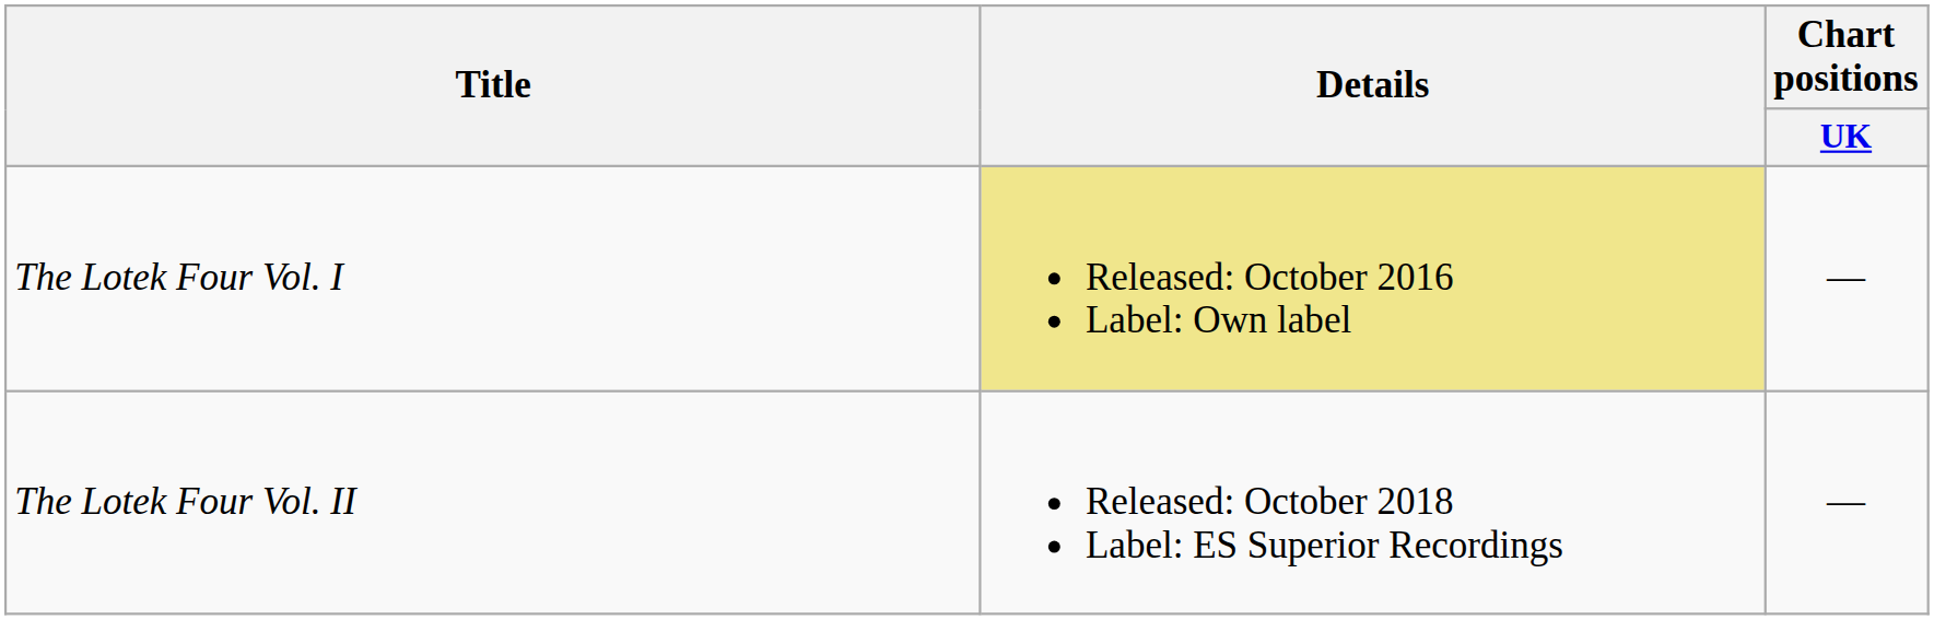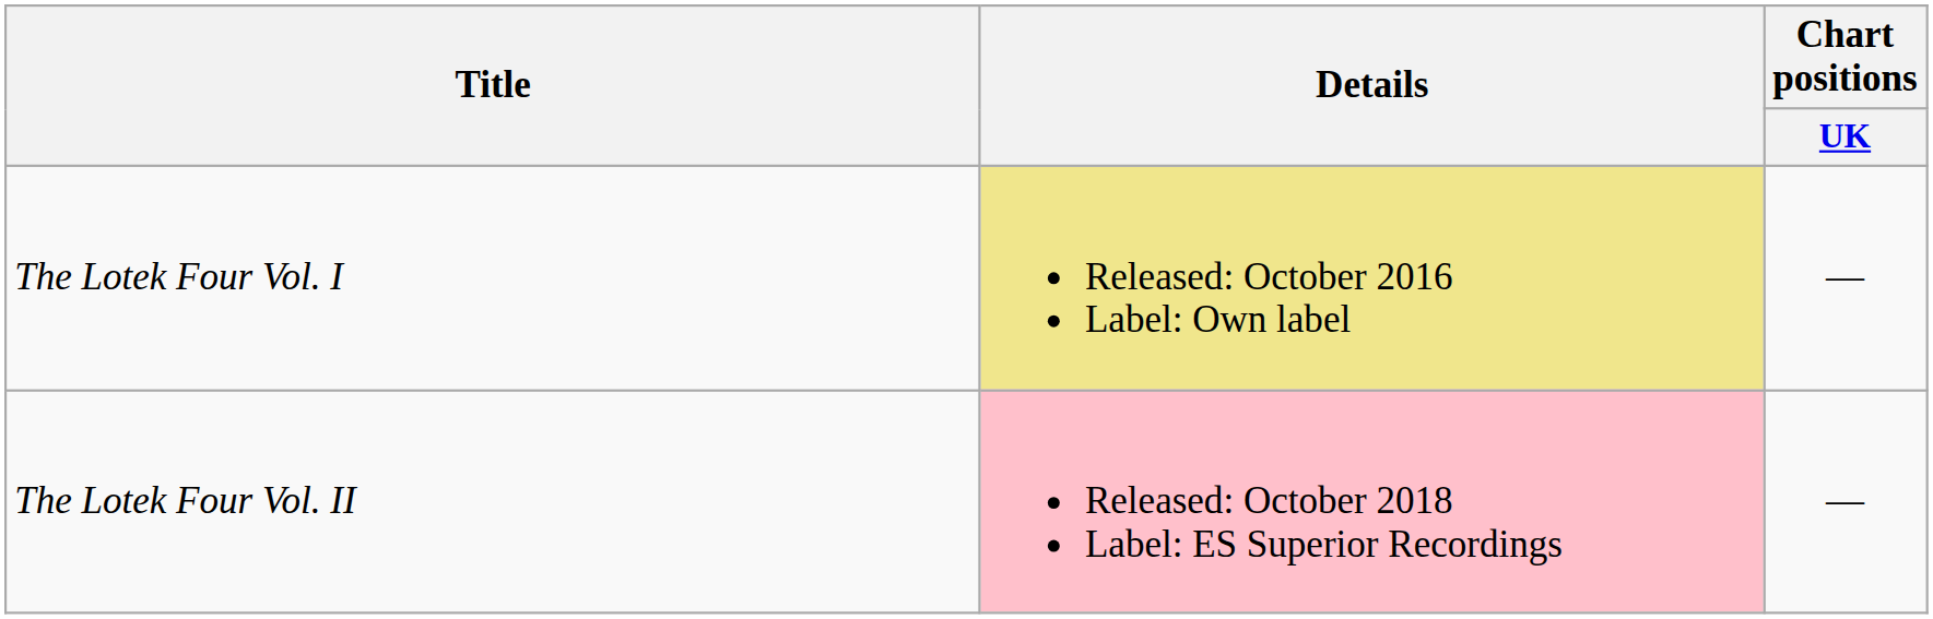 <table class="wikitable plainrowheaders">
 <tr>
 <th scope="col" rowspan="2" style="width:25em;">Title</th>
 <th scope="col" rowspan="2" style="width:20em;">Details</th>
 <th scope="col" colspan="11">Chart positions</th>
 </tr>
 <tr>
 <th scope="col" style="width:3em;font-size:90%;"><a href='#'>UK</a></th>
 </tr>
 <tr>
 <td><em>The Lotek Four Vol. I</em></td>
 <td style="background: khaki;"><br><ul><li>Released: October 2016</li><li>Label: Own label</li></ul></td>
 <td align="center">—</td>
 </tr>
 <tr>
 <td><em>The Lotek Four Vol. II</em></td>
-<td><br><ul><li>Released: October 2018</li><li>Label: ES Superior Recordings</li></ul></td>
+<td style="background: pink;"><br><ul><li>Released: October 2018</li><li>Label: ES Superior Recordings</li></ul></td>
 <td align="center">—</td>
 </tr>
 </table>
